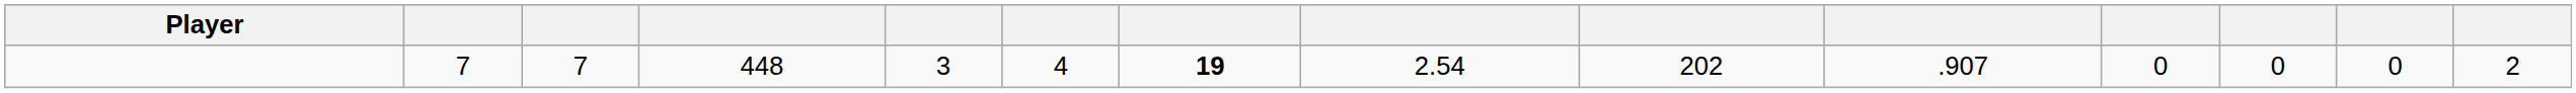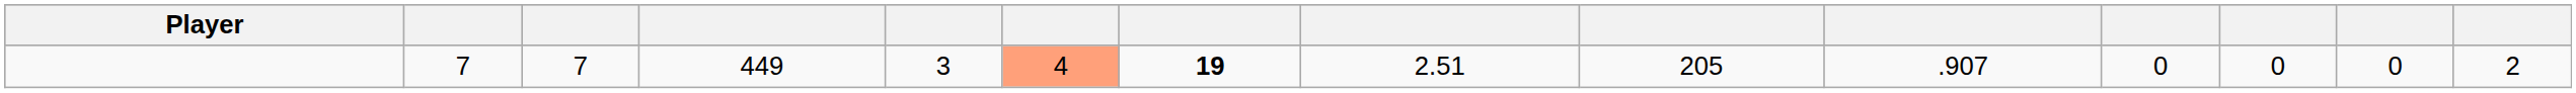 <table class="wikitable sortable" style="width:100%; text-align:center;">
 <tr style="text-align:center; background:#ddd;">
 <th>Player</th>
 <th></th>
 <th></th>
 <th></th>
 <th></th>
 <th></th>
 <th></th>
 <th></th>
 <th></th>
 <th></th>
 <th></th>
 <th></th>
 <th></th>
 <th></th>
 </tr>
 <tr align=center>
 <td></td>
 <td>7</td>
 <td>7</td>
-<td>448</td>
+<td>449</td>
 <td>3</td>
-<td>4</td>
+<td style="background: lightsalmon;">4</td>
 <td><strong>19</strong></td>
-<td>2.54</td>
-<td>202</td>
+<td>2.51</td>
+<td>205</td>
 <td>.907</td>
 <td>0</td>
 <td>0</td>
 <td>0</td>
 <td>2</td>
 </tr>
 </table>
